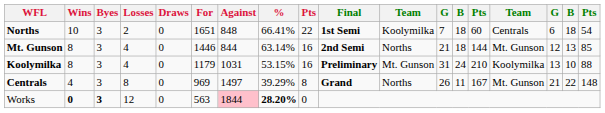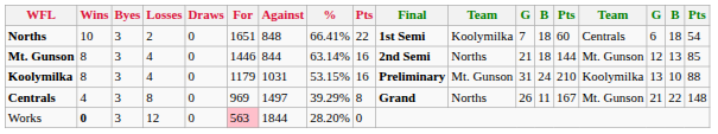 <table class="wikitable">
 <tr>
 <th style="color:crimson">WFL</th>
 <th style="color:crimson">Wins</th>
 <th style="color:crimson">Byes</th>
 <th style="color:crimson">Losses</th>
 <th style="color:crimson">Draws</th>
 <th style="color:crimson">For</th>
 <th style="color:crimson">Against</th>
 <th style="color:crimson">%</th>
 <th style="color:crimson">Pts</th>
 <th style="color:green">Final</th>
 <th style="color:green">Team</th>
 <th style="color:green">G</th>
 <th style="color:green">B</th>
 <th style="color:green">Pts</th>
 <th style="color:green">Team</th>
 <th style="color:green">G</th>
 <th style="color:green">B</th>
 <th style="color:green">Pts</th>
 </tr>
 <tr>
 <td><strong>	Norths	</strong></td>
 <td>10</td>
 <td>3</td>
 <td>2</td>
 <td>0</td>
 <td>1651</td>
 <td>848</td>
 <td>66.41%</td>
 <td>22</td>
 <td><strong>1st Semi</strong></td>
 <td>Koolymilka</td>
 <td>7</td>
 <td>18</td>
 <td>60</td>
 <td>Centrals</td>
 <td>6</td>
 <td>18</td>
 <td>54</td>
 </tr>
 <tr>
 <td><strong>	Mt. Gunson	</strong></td>
 <td>8</td>
 <td>3</td>
 <td>4</td>
 <td>0</td>
 <td>1446</td>
 <td>844</td>
 <td>63.14%</td>
 <td>16</td>
 <td><strong>2nd Semi</strong></td>
 <td>Norths</td>
 <td>21</td>
 <td>18</td>
 <td>144</td>
 <td>Mt. Gunson</td>
 <td>12</td>
 <td>13</td>
 <td>85</td>
 </tr>
 <tr>
 <td><strong>	Koolymilka	</strong></td>
 <td>8</td>
 <td>3</td>
 <td>4</td>
 <td>0</td>
 <td>1179</td>
 <td>1031</td>
 <td>53.15%</td>
 <td>16</td>
 <td><strong>Preliminary</strong></td>
 <td>Mt. Gunson</td>
 <td>31</td>
 <td>24</td>
 <td>210</td>
 <td>Koolymilka</td>
 <td>13</td>
 <td>10</td>
 <td>88</td>
 </tr>
 <tr>
 <td><strong>	Centrals	</strong></td>
 <td>4</td>
 <td>3</td>
 <td>8</td>
 <td>0</td>
 <td>969</td>
 <td>1497</td>
 <td>39.29%</td>
 <td>8</td>
 <td><strong>Grand</strong></td>
 <td>Norths</td>
 <td>26</td>
 <td>11</td>
 <td>167</td>
 <td>Mt. Gunson</td>
 <td>21</td>
 <td>22</td>
 <td>148</td>
 </tr>
 <tr>
 <td>Works</td>
 <td><strong>0</strong></td>
-<td><strong>3</strong></td>
+<td>3</td>
 <td>12</td>
 <td>0</td>
-<td>563</td>
-<td style="background: pink;">1844</td>
-<td><strong>28.20%</strong></td>
+<td style="background: pink;">563</td>
+<td>1844</td>
+<td>28.20%</td>
 <td>0</td>
 </tr>
 </table>
